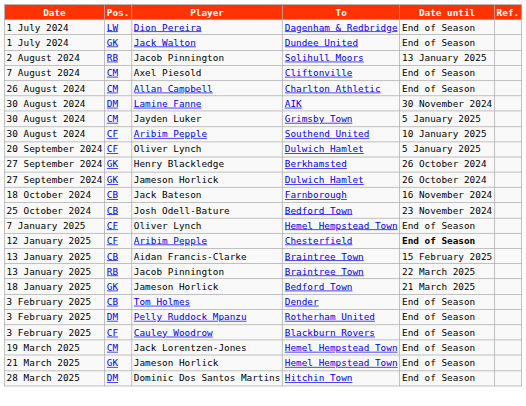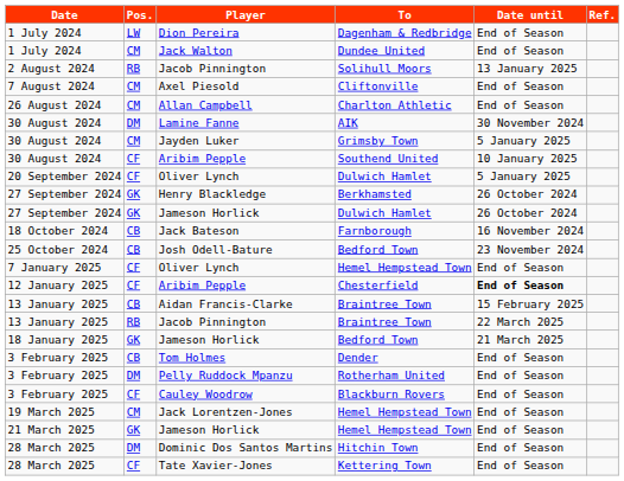 <table class="wikitable plainrowheaders sortable">
 <tr>
 <th style="background-color:#FF3300; color:white; ">Date</th>
 <th style="background-color:#FF3300; color:white; ">Pos.</th>
 <th style="background-color:#FF3300; color:white; ">Player</th>
 <th style="background-color:#FF3300; color:white; ">To</th>
 <th style="background-color:#FF3300; color:white; ">Date until</th>
 <th style="background-color:#FF3300; color:white; ">Ref.</th>
 </tr>
 <tr>
 <td>1 July 2024</td>
 <td><a href='#'>LW</a></td>
 <td> <a href='#'>Dion Pereira</a></td>
 <td> <a href='#'>Dagenham & Redbridge</a></td>
 <td>End of Season</td>
 <td></td>
 </tr>
 <tr>
 <td>1 July 2024</td>
-<td><a href='#'>GK</a></td>
+<td><a href='#'>CM</a></td>
 <td> <a href='#'>Jack Walton</a></td>
 <td> <a href='#'>Dundee United</a></td>
 <td>End of Season</td>
 <td></td>
 </tr>
 <tr>
 <td>2 August 2024</td>
 <td><a href='#'>RB</a></td>
 <td> Jacob Pinnington</td>
 <td> <a href='#'>Solihull Moors</a></td>
 <td>13 January 2025</td>
 <td></td>
 </tr>
 <tr>
 <td>7 August 2024</td>
 <td><a href='#'>CM</a></td>
 <td> Axel Piesold</td>
 <td> <a href='#'>Cliftonville</a></td>
 <td>End of Season</td>
 <td></td>
 </tr>
 <tr>
 <td>26 August 2024</td>
 <td><a href='#'>CM</a></td>
 <td> <a href='#'>Allan Campbell</a></td>
 <td> <a href='#'>Charlton Athletic</a></td>
 <td>End of Season</td>
 <td></td>
 </tr>
 <tr>
 <td>30 August 2024</td>
 <td><a href='#'>DM</a></td>
 <td> <a href='#'>Lamine Fanne</a></td>
 <td> <a href='#'>AIK</a></td>
 <td>30 November 2024</td>
 <td></td>
 </tr>
 <tr>
 <td>30 August 2024</td>
 <td><a href='#'>CM</a></td>
 <td> Jayden Luker</td>
 <td> <a href='#'>Grimsby Town</a></td>
 <td>5 January 2025</td>
 <td></td>
 </tr>
 <tr>
 <td>30 August 2024</td>
 <td><a href='#'>CF</a></td>
 <td> <a href='#'>Aribim Pepple</a></td>
 <td> <a href='#'>Southend United</a></td>
 <td>10 January 2025</td>
 <td></td>
 </tr>
 <tr>
 <td>20 September 2024</td>
 <td><a href='#'>CF</a></td>
 <td> Oliver Lynch</td>
 <td> <a href='#'>Dulwich Hamlet</a></td>
 <td>5 January 2025</td>
 <td></td>
 </tr>
 <tr>
 <td>27 September 2024</td>
 <td><a href='#'>GK</a></td>
 <td> Henry Blackledge</td>
 <td> <a href='#'>Berkhamsted</a></td>
 <td>26 October 2024</td>
 <td></td>
 </tr>
 <tr>
 <td>27 September 2024</td>
 <td><a href='#'>GK</a></td>
 <td> Jameson Horlick</td>
 <td> <a href='#'>Dulwich Hamlet</a></td>
 <td>26 October 2024</td>
 <td></td>
 </tr>
 <tr>
 <td>18 October 2024</td>
 <td><a href='#'>CB</a></td>
 <td> Jack Bateson</td>
 <td> <a href='#'>Farnborough</a></td>
 <td>16 November 2024</td>
 <td></td>
 </tr>
 <tr>
 <td>25 October 2024</td>
 <td><a href='#'>CB</a></td>
 <td> Josh Odell-Bature</td>
 <td> <a href='#'>Bedford Town</a></td>
 <td>23 November 2024</td>
 <td></td>
 </tr>
 <tr>
 <td>7 January 2025</td>
 <td><a href='#'>CF</a></td>
 <td> Oliver Lynch</td>
 <td> <a href='#'>Hemel Hempstead Town</a></td>
 <td>End of Season</td>
 <td></td>
 </tr>
 <tr>
 <td>12 January 2025</td>
 <td><a href='#'>CF</a></td>
 <td> <a href='#'>Aribim Pepple</a></td>
 <td> <a href='#'>Chesterfield</a></td>
 <td><strong>End of Season</strong></td>
 <td></td>
 </tr>
 <tr>
 <td>13 January 2025</td>
 <td><a href='#'>CB</a></td>
 <td> Aidan Francis-Clarke</td>
 <td> <a href='#'>Braintree Town</a></td>
 <td>15 February 2025</td>
 <td></td>
 </tr>
 <tr>
 <td>13 January 2025</td>
 <td><a href='#'>RB</a></td>
 <td> Jacob Pinnington</td>
 <td> <a href='#'>Braintree Town</a></td>
 <td>22 March 2025</td>
 <td></td>
 </tr>
 <tr>
 <td>18 January 2025</td>
 <td><a href='#'>GK</a></td>
 <td> Jameson Horlick</td>
 <td> <a href='#'>Bedford Town</a></td>
 <td>21 March 2025</td>
 <td></td>
 </tr>
 <tr>
 <td>3 February 2025</td>
 <td><a href='#'>CB</a></td>
 <td> <a href='#'>Tom Holmes</a></td>
 <td> <a href='#'>Dender</a></td>
 <td>End of Season</td>
 <td></td>
 </tr>
 <tr>
 <td>3 February 2025</td>
 <td><a href='#'>DM</a></td>
 <td> <a href='#'>Pelly Ruddock Mpanzu</a></td>
 <td> <a href='#'>Rotherham United</a></td>
 <td>End of Season</td>
 <td></td>
 </tr>
 <tr>
 <td>3 February 2025</td>
 <td><a href='#'>CF</a></td>
 <td> <a href='#'>Cauley Woodrow</a></td>
 <td> <a href='#'>Blackburn Rovers</a></td>
 <td>End of Season</td>
 <td></td>
 </tr>
 <tr>
 <td>19 March 2025</td>
 <td><a href='#'>CM</a></td>
 <td> Jack Lorentzen-Jones</td>
 <td> <a href='#'>Hemel Hempstead Town</a></td>
 <td>End of Season</td>
 <td></td>
 </tr>
 <tr>
 <td>21 March 2025</td>
 <td><a href='#'>GK</a></td>
 <td> Jameson Horlick</td>
 <td> <a href='#'>Hemel Hempstead Town</a></td>
 <td>End of Season</td>
 <td></td>
 </tr>
 <tr>
 <td>28 March 2025</td>
 <td><a href='#'>DM</a></td>
 <td> Dominic Dos Santos Martins</td>
 <td> <a href='#'>Hitchin Town</a></td>
 <td>End of Season</td>
 <td></td>
 </tr>
+<tr>
+<td>28 March 2025</td>
+<td><a href='#'>CF</a></td>
+<td> Tate Xavier-Jones</td>
+<td> <a href='#'>Kettering Town</a></td>
+<td>End of Season</td>
+<td></td>
+</tr>
 </table>
